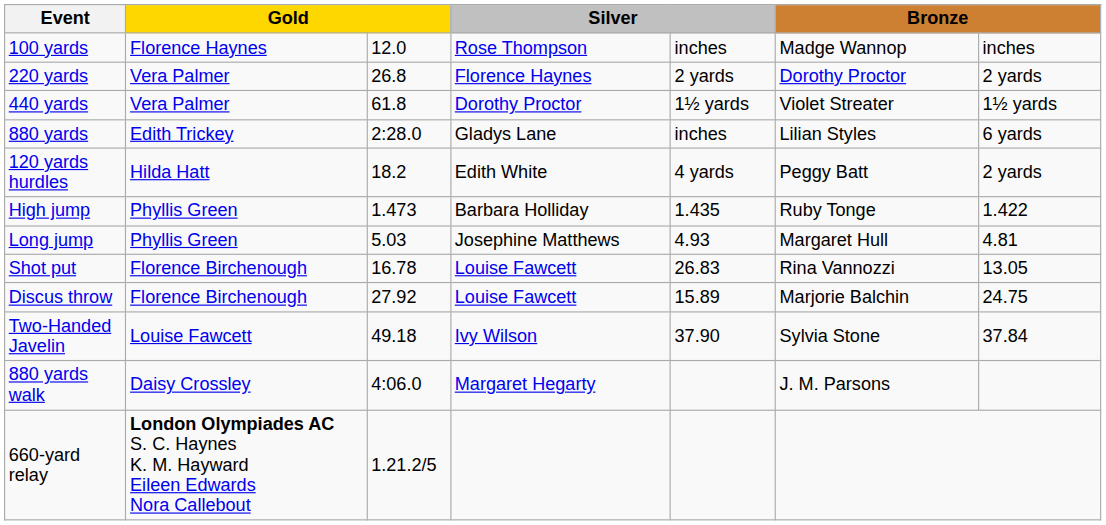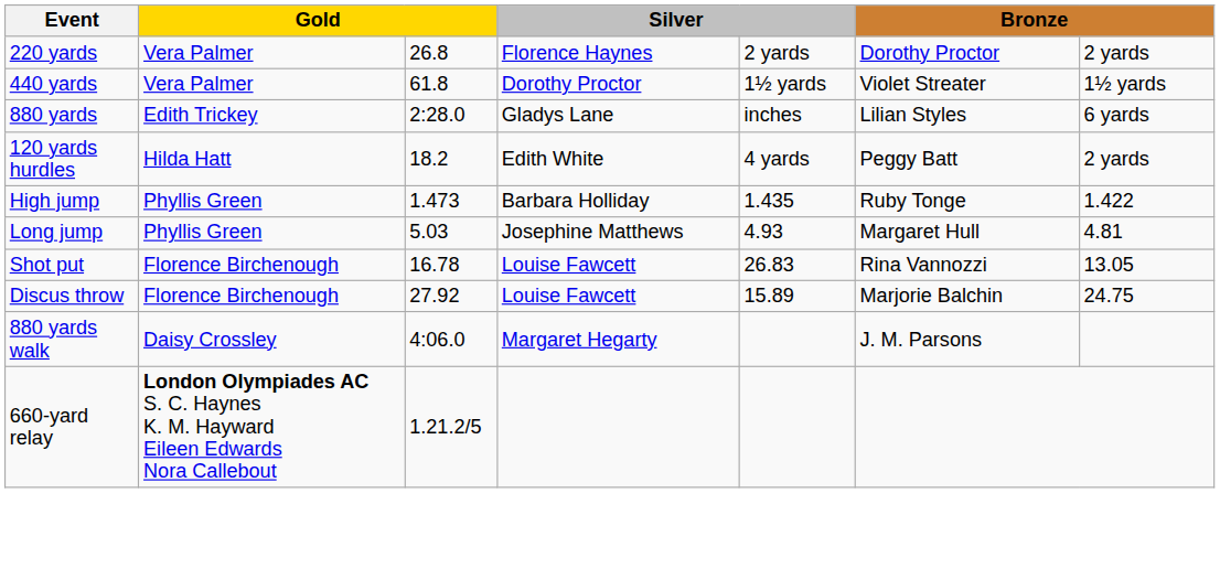 <table class="wikitable" style="text-align:left">
 <tr>
 <th width=100>Event</th>
 <th colspan="2" width="280" style="background:gold;">Gold</th>
 <th colspan="2" width="280" style="background:silver;">Silver</th>
 <th colspan="2" width="280" style="background:#CD7F32;">Bronze</th>
-</tr>
-<tr>
-<td><a href='#'>100 yards</a></td>
-<td><a href='#'>Florence Haynes</a></td>
-<td>12.0</td>
-<td><a href='#'>Rose Thompson</a></td>
-<td>inches</td>
-<td>Madge Wannop</td>
-<td>inches</td>
 </tr>
 <tr>
 <td><a href='#'>220 yards</a></td>
 <td><a href='#'>Vera Palmer</a></td>
 <td>26.8</td>
 <td><a href='#'>Florence Haynes</a></td>
 <td>2 yards</td>
 <td><a href='#'>Dorothy Proctor</a></td>
 <td>2 yards</td>
 </tr>
 <tr>
 <td><a href='#'>440 yards</a></td>
 <td><a href='#'>Vera Palmer</a></td>
 <td>61.8</td>
 <td><a href='#'>Dorothy Proctor</a></td>
 <td>1½ yards</td>
 <td>Violet Streater</td>
 <td>1½ yards</td>
 </tr>
 <tr>
 <td><a href='#'>880 yards</a></td>
 <td><a href='#'>Edith Trickey</a></td>
 <td>2:28.0</td>
 <td>Gladys Lane</td>
 <td>inches</td>
 <td>Lilian Styles</td>
 <td>6 yards</td>
 </tr>
 <tr>
 <td><a href='#'>120 yards hurdles</a></td>
 <td><a href='#'>Hilda Hatt</a></td>
 <td>18.2</td>
 <td>Edith White</td>
 <td>4 yards</td>
 <td>Peggy Batt</td>
 <td>2 yards</td>
 </tr>
 <tr>
 <td><a href='#'>High jump</a></td>
 <td><a href='#'>Phyllis Green</a></td>
 <td>1.473</td>
 <td>Barbara Holliday</td>
 <td>1.435</td>
 <td>Ruby Tonge</td>
 <td>1.422</td>
 </tr>
 <tr>
 <td><a href='#'>Long jump</a></td>
 <td><a href='#'>Phyllis Green</a></td>
 <td>5.03</td>
 <td>Josephine Matthews</td>
 <td>4.93</td>
 <td>Margaret Hull</td>
 <td>4.81</td>
 </tr>
 <tr>
 <td><a href='#'>Shot put</a></td>
 <td><a href='#'>Florence Birchenough</a></td>
 <td>16.78</td>
 <td><a href='#'>Louise Fawcett</a></td>
 <td>26.83</td>
 <td>Rina Vannozzi</td>
 <td>13.05</td>
 </tr>
 <tr>
 <td><a href='#'>Discus throw</a></td>
 <td><a href='#'>Florence Birchenough</a></td>
 <td>27.92</td>
 <td><a href='#'>Louise Fawcett</a></td>
 <td>15.89</td>
 <td>Marjorie Balchin</td>
 <td>24.75</td>
 </tr>
 <tr>
-<td><a href='#'>Two-Handed Javelin</a></td>
-<td><a href='#'>Louise Fawcett</a></td>
-<td>49.18</td>
-<td><a href='#'>Ivy Wilson</a></td>
-<td>37.90</td>
-<td>Sylvia Stone</td>
-<td>37.84</td>
-</tr>
-<tr>
 <td><a href='#'>880 yards walk</a></td>
 <td><a href='#'>Daisy Crossley</a></td>
 <td>4:06.0</td>
 <td><a href='#'>Margaret Hegarty</a></td>
 <td></td>
 <td>J. M. Parsons</td>
 <td></td>
 </tr>
 <tr>
 <td>660-yard relay</td>
 <td><strong>London Olympiades AC</strong><br>S. C. Haynes<br>K. M. Hayward<br><a href='#'>Eileen Edwards</a><br><a href='#'>Nora Callebout</a></td>
 <td>1.21.2/5</td>
 <td></td>
 <td></td>
 </tr>
 </table>
